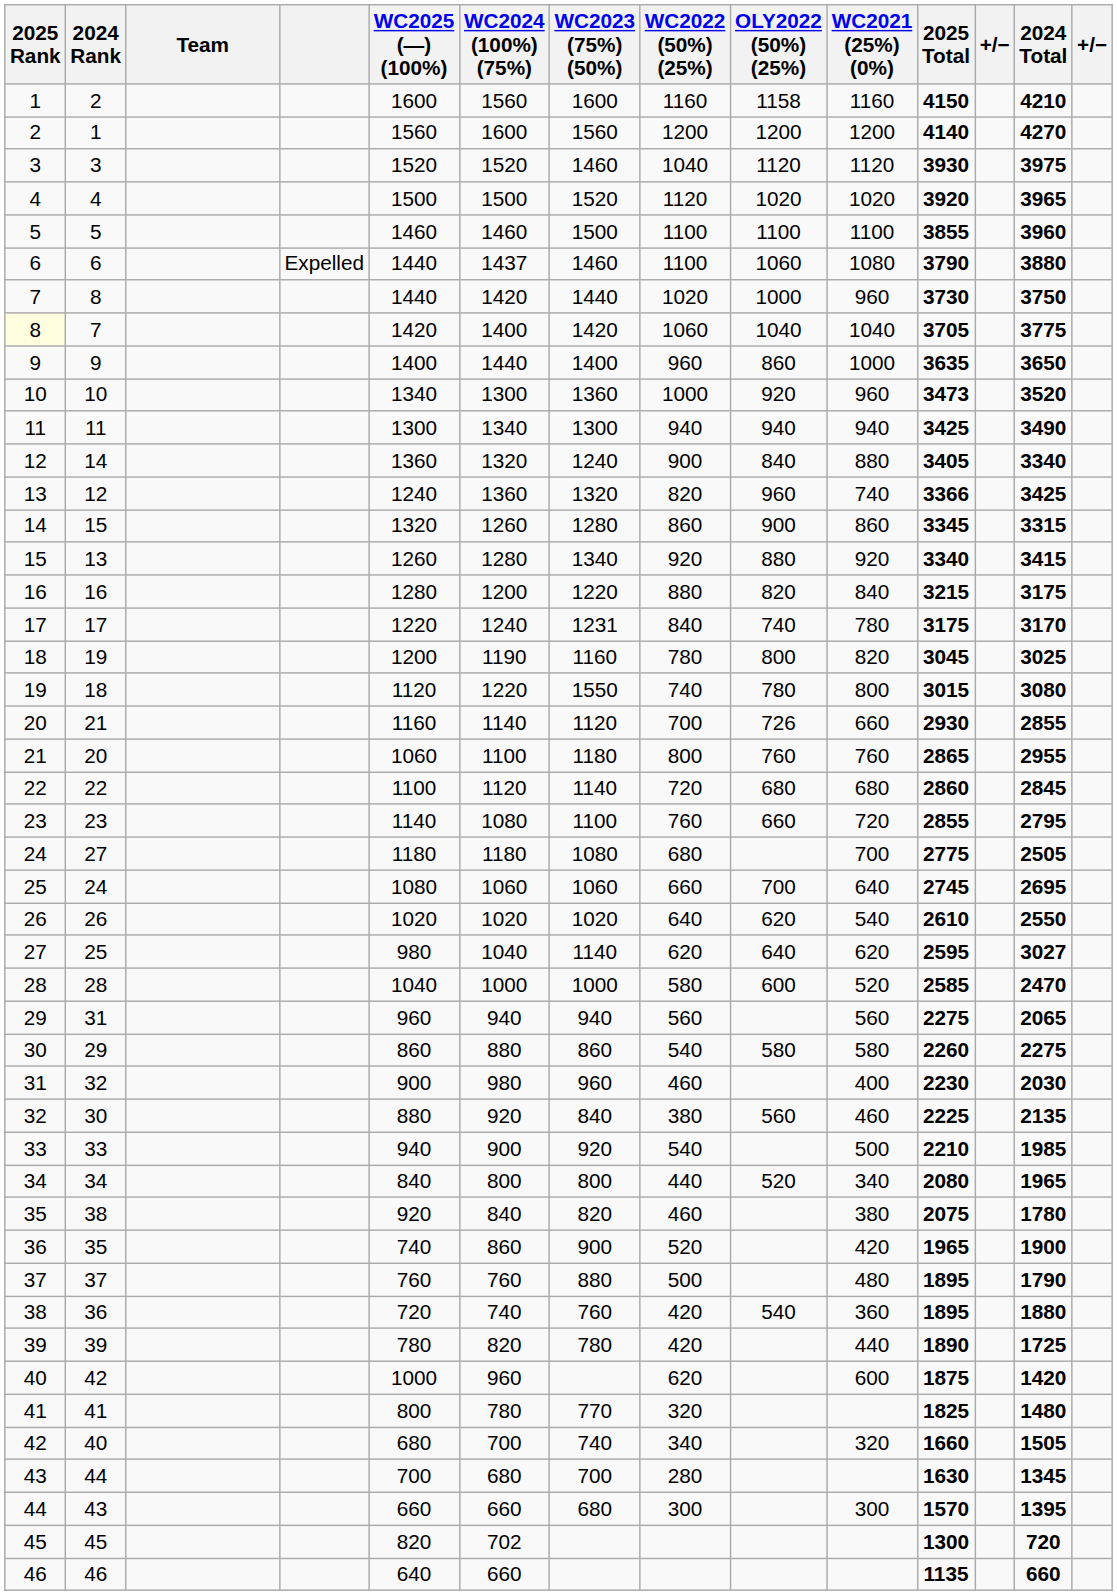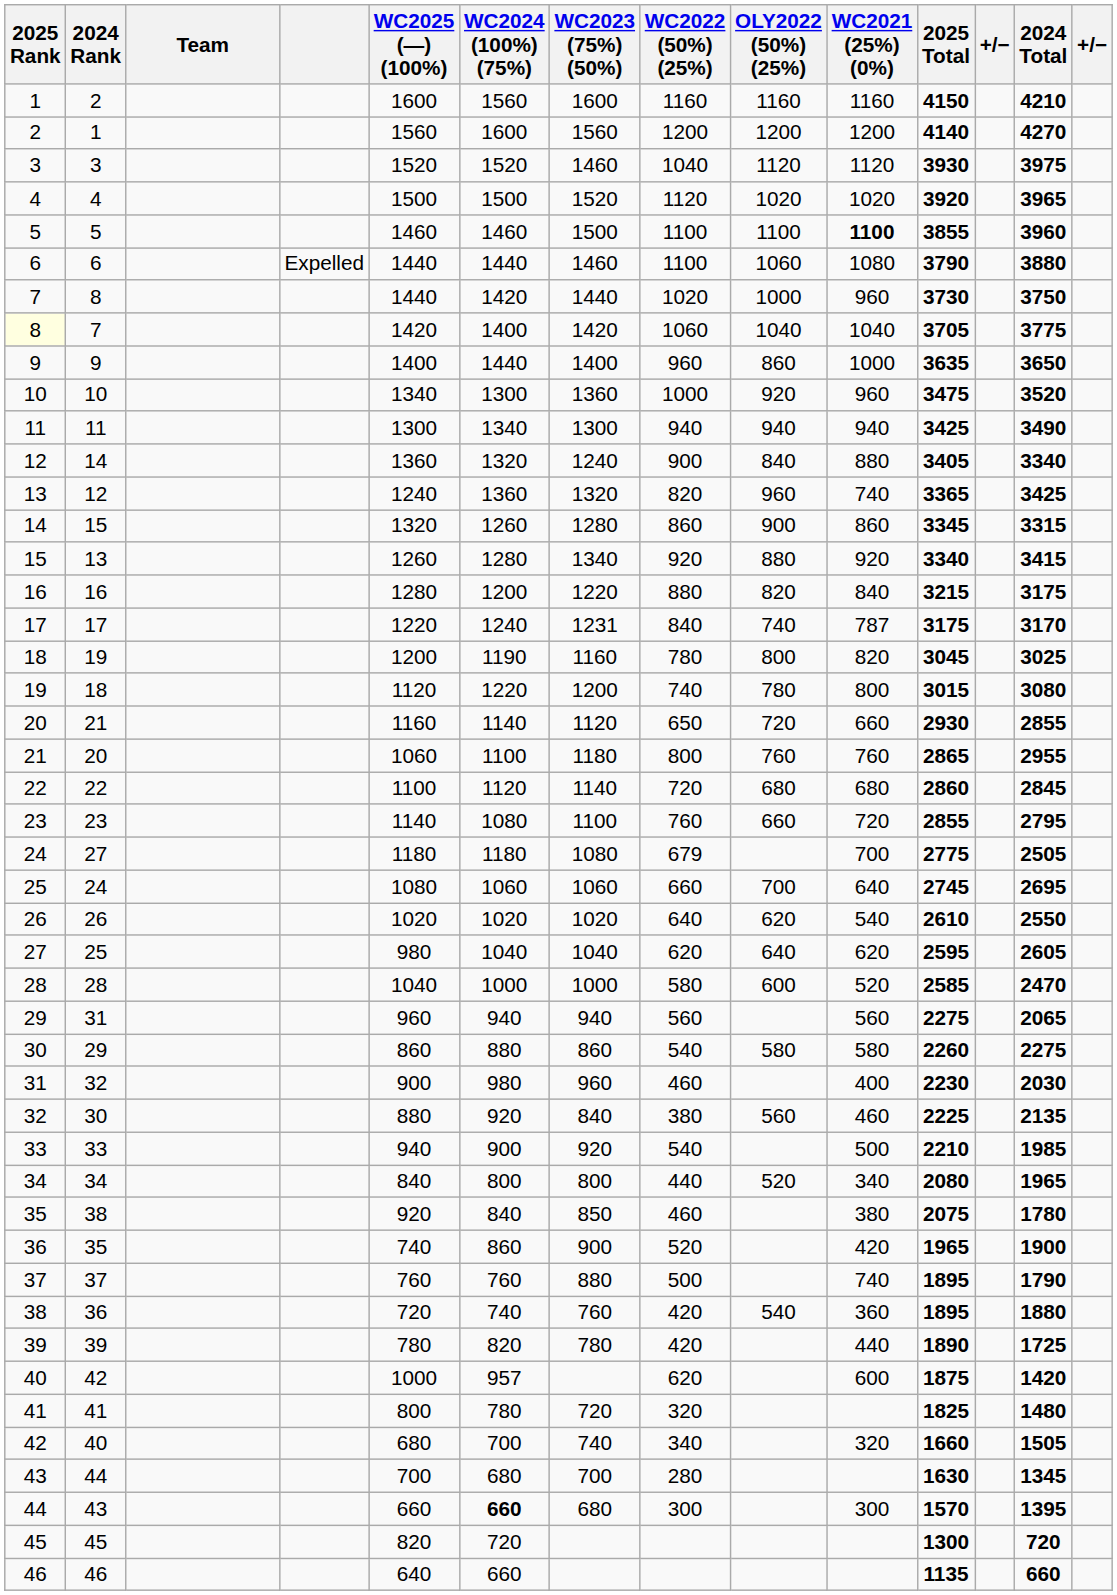 <table class="wikitable sortable" style="font-size:90%; text-align:center; margin: 1em auto 1em auto">
 <tr>
 <th>2025<br>Rank</th>
 <th>2024<br>Rank</th>
 <th width=100>Team</th>
 <th></th>
 <th><a href='#'>WC2025</a><br>(—)<br>(100%)</th>
 <th><a href='#'>WC2024</a><br>(100%)<br>(75%)</th>
 <th><a href='#'>WC2023</a><br>(75%)<br>(50%)</th>
 <th><a href='#'>WC2022</a><br>(50%)<br>(25%)</th>
 <th><a href='#'>OLY2022</a><br>(50%)<br>(25%)</th>
 <th><a href='#'>WC2021</a><br>(25%)<br>(0%)</th>
 <th data-sort-type="number">2025<br>Total</th>
 <th>+/−</th>
 <th>2024<br>Total</th>
 <th>+/−</th>
 </tr>
 <tr>
 <td>1</td>
 <td>2</td>
 <td align="left"></td>
 <td align="left"></td>
 <td>1600</td>
 <td>1560</td>
 <td>1600</td>
 <td>1160</td>
-<td>1158</td>
+<td>1160</td>
 <td>1160</td>
 <td><strong>4150</strong></td>
 <td></td>
 <td><strong>4210</strong></td>
 <td></td>
 </tr>
 <tr>
 <td>2</td>
 <td>1</td>
 <td align="left"></td>
 <td align="left"></td>
 <td>1560</td>
 <td>1600</td>
 <td>1560</td>
 <td>1200</td>
 <td>1200</td>
 <td>1200</td>
 <td><strong>4140</strong></td>
 <td></td>
 <td><strong>4270</strong></td>
 <td></td>
 </tr>
 <tr>
 <td>3</td>
 <td>3</td>
 <td align="left"></td>
 <td align="left"></td>
 <td>1520</td>
 <td>1520</td>
 <td>1460</td>
 <td>1040</td>
 <td>1120</td>
 <td>1120</td>
 <td><strong>3930</strong></td>
 <td></td>
 <td><strong>3975</strong></td>
 <td></td>
 </tr>
 <tr>
 <td>4</td>
 <td>4</td>
 <td align="left"></td>
 <td align="left"></td>
 <td>1500</td>
 <td>1500</td>
 <td>1520</td>
 <td>1120</td>
 <td>1020</td>
 <td>1020</td>
 <td><strong>3920</strong></td>
 <td></td>
 <td><strong>3965</strong></td>
 <td></td>
 </tr>
 <tr>
 <td>5</td>
 <td>5</td>
 <td align="left"></td>
 <td align="left"></td>
 <td>1460</td>
 <td>1460</td>
 <td>1500</td>
 <td>1100</td>
 <td>1100</td>
-<td>1100</td>
+<td><strong>1100</strong></td>
 <td><strong>3855</strong></td>
 <td></td>
 <td><strong>3960</strong></td>
 <td></td>
 </tr>
 <tr>
 <td>6</td>
 <td>6</td>
 <td align="left"></td>
 <td align=left>Expelled</td>
 <td>1440</td>
-<td>1437</td>
+<td>1440</td>
 <td>1460</td>
 <td>1100</td>
 <td>1060</td>
 <td>1080</td>
 <td><strong>3790</strong></td>
 <td></td>
 <td><strong>3880</strong></td>
 <td></td>
 </tr>
 <tr>
 <td>7</td>
 <td>8</td>
 <td align="left"></td>
 <td align="left"></td>
 <td>1440</td>
 <td>1420</td>
 <td>1440</td>
 <td>1020</td>
 <td>1000</td>
 <td>960</td>
 <td><strong>3730</strong></td>
 <td></td>
 <td><strong>3750</strong></td>
 <td></td>
 </tr>
 <tr>
 <td style="background: lightyellow;">8</td>
 <td>7</td>
 <td align="left"></td>
 <td align="left"></td>
 <td>1420</td>
 <td>1400</td>
 <td>1420</td>
 <td>1060</td>
 <td>1040</td>
 <td>1040</td>
 <td><strong>3705</strong></td>
 <td></td>
 <td><strong>3775</strong></td>
 <td></td>
 </tr>
 <tr>
 <td>9</td>
 <td>9</td>
 <td align="left"></td>
 <td align=left></td>
 <td>1400</td>
 <td>1440</td>
 <td>1400</td>
 <td>960</td>
 <td>860</td>
 <td>1000</td>
 <td><strong>3635</strong></td>
 <td></td>
 <td><strong>3650</strong></td>
 <td></td>
 </tr>
 <tr>
 <td>10</td>
 <td>10</td>
 <td align="left"></td>
 <td align="left"></td>
 <td>1340</td>
 <td>1300</td>
 <td>1360</td>
 <td>1000</td>
 <td>920</td>
 <td>960</td>
-<td><strong>3473</strong></td>
+<td><strong>3475</strong></td>
 <td></td>
 <td><strong>3520</strong></td>
 <td></td>
 </tr>
 <tr>
 <td>11</td>
 <td>11</td>
 <td align="left"></td>
 <td align="left"></td>
 <td>1300</td>
 <td>1340</td>
 <td>1300</td>
 <td>940</td>
 <td>940</td>
 <td>940</td>
 <td><strong>3425</strong></td>
 <td></td>
 <td><strong>3490</strong></td>
 <td></td>
 </tr>
 <tr>
 <td>12</td>
 <td>14</td>
 <td align="left"></td>
 <td align="left"></td>
 <td>1360</td>
 <td>1320</td>
 <td>1240</td>
 <td>900</td>
 <td>840</td>
 <td>880</td>
 <td><strong>3405</strong></td>
 <td></td>
 <td><strong>3340</strong></td>
 <td></td>
 </tr>
 <tr>
 <td>13</td>
 <td>12</td>
 <td align="left"></td>
 <td align="left"></td>
 <td>1240</td>
 <td>1360</td>
 <td>1320</td>
 <td>820</td>
 <td>960</td>
 <td>740</td>
-<td><strong>3366</strong></td>
+<td><strong>3365</strong></td>
 <td></td>
 <td><strong>3425</strong></td>
 <td></td>
 </tr>
 <tr>
 <td>14</td>
 <td>15</td>
 <td align="left"></td>
 <td align="left"></td>
 <td>1320</td>
 <td>1260</td>
 <td>1280</td>
 <td>860</td>
 <td>900</td>
 <td>860</td>
 <td><strong>3345</strong></td>
 <td></td>
 <td><strong>3315</strong></td>
 <td></td>
 </tr>
 <tr>
 <td>15</td>
 <td>13</td>
 <td align="left"></td>
 <td align="left"></td>
 <td>1260</td>
 <td>1280</td>
 <td>1340</td>
 <td>920</td>
 <td>880</td>
 <td>920</td>
 <td><strong>3340</strong></td>
 <td></td>
 <td><strong>3415</strong></td>
 <td></td>
 </tr>
 <tr>
 <td>16</td>
 <td>16</td>
 <td align="left"></td>
 <td align="left"></td>
 <td>1280</td>
 <td>1200</td>
 <td>1220</td>
 <td>880</td>
 <td>820</td>
 <td>840</td>
 <td><strong>3215</strong></td>
 <td></td>
 <td><strong>3175</strong></td>
 <td></td>
 </tr>
 <tr>
 <td>17</td>
 <td>17</td>
 <td align="left"></td>
 <td align="left"></td>
 <td>1220</td>
 <td>1240</td>
 <td>1231</td>
 <td>840</td>
 <td>740</td>
-<td>780</td>
+<td>787</td>
 <td><strong>3175</strong></td>
 <td></td>
 <td><strong>3170</strong></td>
 <td></td>
 </tr>
 <tr>
 <td>18</td>
 <td>19</td>
 <td align="left"></td>
 <td align="left"></td>
 <td>1200</td>
 <td>1190</td>
 <td>1160</td>
 <td>780</td>
 <td>800</td>
 <td>820</td>
 <td><strong>3045</strong></td>
 <td></td>
 <td><strong>3025</strong></td>
 <td></td>
 </tr>
 <tr>
 <td>19</td>
 <td>18</td>
 <td align="left"></td>
 <td align="left"></td>
 <td>1120</td>
 <td>1220</td>
-<td>1550</td>
+<td>1200</td>
 <td>740</td>
 <td>780</td>
 <td>800</td>
 <td><strong>3015</strong></td>
 <td></td>
 <td><strong>3080</strong></td>
 <td></td>
 </tr>
 <tr>
 <td>20</td>
 <td>21</td>
 <td align="left"></td>
 <td align="left"></td>
 <td>1160</td>
 <td>1140</td>
 <td>1120</td>
-<td>700</td>
-<td>726</td>
+<td>650</td>
+<td>720</td>
 <td>660</td>
 <td><strong>2930</strong></td>
 <td></td>
 <td><strong>2855</strong></td>
 <td></td>
 </tr>
 <tr>
 <td>21</td>
 <td>20</td>
 <td align="left"></td>
 <td align="left"></td>
 <td>1060</td>
 <td>1100</td>
 <td>1180</td>
 <td>800</td>
 <td>760</td>
 <td>760</td>
 <td><strong>2865</strong></td>
 <td></td>
 <td><strong>2955</strong></td>
 <td></td>
 </tr>
 <tr>
 <td>22</td>
 <td>22</td>
 <td align="left"></td>
 <td align="left"></td>
 <td>1100</td>
 <td>1120</td>
 <td>1140</td>
 <td>720</td>
 <td>680</td>
 <td>680</td>
 <td><strong>2860</strong></td>
 <td></td>
 <td><strong>2845</strong></td>
 <td></td>
 </tr>
 <tr>
 <td>23</td>
 <td>23</td>
 <td align="left"></td>
 <td align="left"></td>
 <td>1140</td>
 <td>1080</td>
 <td>1100</td>
 <td>760</td>
 <td>660</td>
 <td>720</td>
 <td><strong>2855</strong></td>
 <td></td>
 <td><strong>2795</strong></td>
 <td></td>
 </tr>
 <tr>
 <td>24</td>
 <td>27</td>
 <td align="left"></td>
 <td align="left"></td>
 <td>1180</td>
 <td>1180</td>
 <td>1080</td>
-<td>680</td>
+<td>679</td>
 <td></td>
 <td>700</td>
 <td><strong>2775</strong></td>
 <td></td>
 <td><strong>2505</strong></td>
 <td></td>
 </tr>
 <tr>
 <td>25</td>
 <td>24</td>
 <td align="left"></td>
 <td align="left"></td>
 <td>1080</td>
 <td>1060</td>
 <td>1060</td>
 <td>660</td>
 <td>700</td>
 <td>640</td>
 <td><strong>2745</strong></td>
 <td></td>
 <td><strong>2695</strong></td>
 <td></td>
 </tr>
 <tr>
 <td>26</td>
 <td>26</td>
 <td align="left"></td>
 <td align="left"></td>
 <td>1020</td>
 <td>1020</td>
 <td>1020</td>
 <td>640</td>
 <td>620</td>
 <td>540</td>
 <td><strong>2610</strong></td>
 <td></td>
 <td><strong>2550</strong></td>
 <td></td>
 </tr>
 <tr>
 <td>27</td>
 <td>25</td>
 <td align="left"></td>
 <td align="left"></td>
 <td>980</td>
 <td>1040</td>
-<td>1140</td>
+<td>1040</td>
 <td>620</td>
 <td>640</td>
 <td>620</td>
 <td><strong>2595</strong></td>
 <td></td>
-<td><strong>3027</strong></td>
+<td><strong>2605</strong></td>
 <td></td>
 </tr>
 <tr>
 <td>28</td>
 <td>28</td>
 <td align="left"></td>
 <td align="left"></td>
 <td>1040</td>
 <td>1000</td>
 <td>1000</td>
 <td>580</td>
 <td>600</td>
 <td>520</td>
 <td><strong>2585</strong></td>
 <td></td>
 <td><strong>2470</strong></td>
 <td></td>
 </tr>
 <tr>
 <td>29</td>
 <td>31</td>
 <td align="left"></td>
 <td align="left"></td>
 <td>960</td>
 <td>940</td>
 <td>940</td>
 <td>560</td>
 <td></td>
 <td>560</td>
 <td><strong>2275</strong></td>
 <td></td>
 <td><strong>2065</strong></td>
 <td></td>
 </tr>
 <tr>
 <td>30</td>
 <td>29</td>
 <td align="left"></td>
 <td align="left"></td>
 <td>860</td>
 <td>880</td>
 <td>860</td>
 <td>540</td>
 <td>580</td>
 <td>580</td>
 <td><strong>2260</strong></td>
 <td></td>
 <td><strong>2275</strong></td>
 <td></td>
 </tr>
 <tr>
 <td>31</td>
 <td>32</td>
 <td align="left"></td>
 <td align="left"></td>
 <td>900</td>
 <td>980</td>
 <td>960</td>
 <td>460</td>
 <td></td>
 <td>400</td>
 <td><strong>2230</strong></td>
 <td></td>
 <td><strong>2030</strong></td>
 <td></td>
 </tr>
 <tr>
 <td>32</td>
 <td>30</td>
 <td align="left"></td>
 <td align="left"></td>
 <td>880</td>
 <td>920</td>
 <td>840</td>
 <td>380</td>
 <td>560</td>
 <td>460</td>
 <td><strong>2225</strong></td>
 <td></td>
 <td><strong>2135</strong></td>
 <td></td>
 </tr>
 <tr>
 <td>33</td>
 <td>33</td>
 <td align="left"></td>
 <td align="left"></td>
 <td>940</td>
 <td>900</td>
 <td>920</td>
 <td>540</td>
 <td></td>
 <td>500</td>
 <td><strong>2210</strong></td>
 <td></td>
 <td><strong>1985</strong></td>
 <td></td>
 </tr>
 <tr>
 <td>34</td>
 <td>34</td>
 <td align="left"></td>
 <td align="left"></td>
 <td>840</td>
 <td>800</td>
 <td>800</td>
 <td>440</td>
 <td>520</td>
 <td>340</td>
 <td><strong>2080</strong></td>
 <td></td>
 <td><strong>1965</strong></td>
 <td></td>
 </tr>
 <tr>
 <td>35</td>
 <td>38</td>
 <td align="left"></td>
 <td align="left"></td>
 <td>920</td>
 <td>840</td>
-<td>820</td>
+<td>850</td>
 <td>460</td>
 <td></td>
 <td>380</td>
 <td><strong>2075</strong></td>
 <td></td>
 <td><strong>1780</strong></td>
 <td></td>
 </tr>
 <tr>
 <td>36</td>
 <td>35</td>
 <td align="left"></td>
 <td align="left"></td>
 <td>740</td>
 <td>860</td>
 <td>900</td>
 <td>520</td>
 <td></td>
 <td>420</td>
 <td><strong>1965</strong></td>
 <td></td>
 <td><strong>1900</strong></td>
 <td></td>
 </tr>
 <tr>
 <td>37</td>
 <td>37</td>
 <td align="left"></td>
 <td align="left"></td>
 <td>760</td>
 <td>760</td>
 <td>880</td>
 <td>500</td>
 <td></td>
-<td>480</td>
+<td>740</td>
 <td><strong>1895</strong></td>
 <td></td>
 <td><strong>1790</strong></td>
 <td></td>
 </tr>
 <tr>
 <td>38</td>
 <td>36</td>
 <td align="left"></td>
 <td align="left"></td>
 <td>720</td>
 <td>740</td>
 <td>760</td>
 <td>420</td>
 <td>540</td>
 <td>360</td>
 <td><strong>1895</strong></td>
 <td></td>
 <td><strong>1880</strong></td>
 <td></td>
 </tr>
 <tr>
 <td>39</td>
 <td>39</td>
 <td align="left"></td>
 <td align="left"></td>
 <td>780</td>
 <td>820</td>
 <td>780</td>
 <td>420</td>
 <td></td>
 <td>440</td>
 <td><strong>1890</strong></td>
 <td></td>
 <td><strong>1725</strong></td>
 <td></td>
 </tr>
 <tr>
 <td>40</td>
 <td>42</td>
 <td align="left"></td>
 <td align="left"></td>
 <td>1000</td>
-<td>960</td>
+<td>957</td>
 <td></td>
 <td>620</td>
 <td></td>
 <td>600</td>
 <td><strong>1875</strong></td>
 <td></td>
 <td><strong>1420</strong></td>
 <td></td>
 </tr>
 <tr>
 <td>41</td>
 <td>41</td>
 <td align="left"></td>
 <td align="left"></td>
 <td>800</td>
 <td>780</td>
-<td>770</td>
+<td>720</td>
 <td>320</td>
 <td></td>
 <td></td>
 <td><strong>1825</strong></td>
 <td></td>
 <td><strong>1480</strong></td>
 <td></td>
 </tr>
 <tr>
 <td>42</td>
 <td>40</td>
 <td align="left"></td>
 <td align="left"></td>
 <td>680</td>
 <td>700</td>
 <td>740</td>
 <td>340</td>
 <td></td>
 <td>320</td>
 <td><strong>1660</strong></td>
 <td></td>
 <td><strong>1505</strong></td>
 <td></td>
 </tr>
 <tr>
 <td>43</td>
 <td>44</td>
 <td align="left"></td>
 <td align="left"></td>
 <td>700</td>
 <td>680</td>
 <td>700</td>
 <td>280</td>
 <td></td>
 <td></td>
 <td><strong>1630</strong></td>
 <td></td>
 <td><strong>1345</strong></td>
 <td></td>
 </tr>
 <tr>
 <td>44</td>
 <td>43</td>
 <td align="left"></td>
 <td align="left"></td>
 <td>660</td>
-<td>660</td>
+<td><strong>660</strong></td>
 <td>680</td>
 <td>300</td>
 <td></td>
 <td>300</td>
 <td><strong>1570</strong></td>
 <td></td>
 <td><strong>1395</strong></td>
 <td></td>
 </tr>
 <tr>
 <td>45</td>
 <td>45</td>
 <td align="left"></td>
 <td align="left"></td>
 <td>820</td>
-<td>702</td>
+<td>720</td>
 <td></td>
 <td></td>
 <td></td>
 <td></td>
 <td><strong>1300</strong></td>
 <td></td>
 <td><strong>720</strong></td>
 <td></td>
 </tr>
 <tr>
 <td>46</td>
 <td>46</td>
 <td align="left"></td>
 <td align="left"></td>
 <td>640</td>
 <td>660</td>
 <td></td>
 <td></td>
 <td></td>
 <td></td>
 <td><strong>1135</strong></td>
 <td></td>
 <td><strong>660</strong></td>
 <td></td>
 </tr>
 </table>
